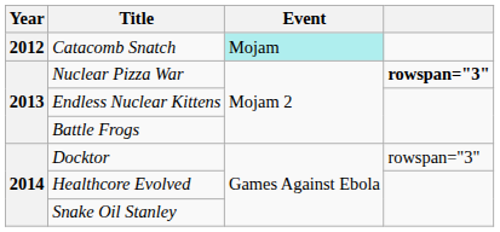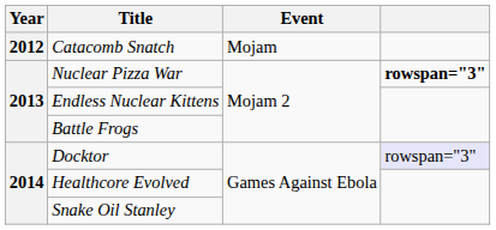 <table class="wikitable sortable plainrowheaders">
 <tr>
 <th scope="col">Year</th>
 <th scope="col">Title</th>
 <th scope="col">Event</th>
 <th scope="col" class="unsortable"></th>
 </tr>
 <tr>
 <th scope="row">2012</th>
 <td><em>Catacomb Snatch</em></td>
-<td style="background: paleturquoise;">Mojam</td>
+<td>Mojam</td>
 <td></td>
 </tr>
 <tr>
 <th scope="row" rowspan="3">2013</th>
 <td><em>Nuclear Pizza War</em></td>
 <td rowspan="3">Mojam 2</td>
 <td><strong>rowspan="3" </strong></td>
 </tr>
 <tr>
 <td><em>Endless Nuclear Kittens</em></td>
 </tr>
 <tr>
 <td><em>Battle Frogs</em></td>
 </tr>
 <tr>
 <th scope="row" rowspan="3">2014</th>
 <td><em>Docktor</em></td>
 <td rowspan="3">Games Against Ebola</td>
-<td>rowspan="3" </td>
+<td style="background: lavender;">rowspan="3" </td>
 </tr>
 <tr>
 <td><em>Healthcore Evolved</em></td>
 </tr>
 <tr>
 <td><em>Snake Oil Stanley</em></td>
 </tr>
 </table>
